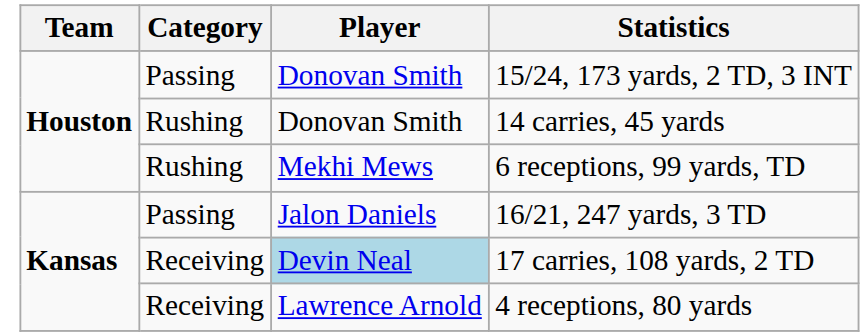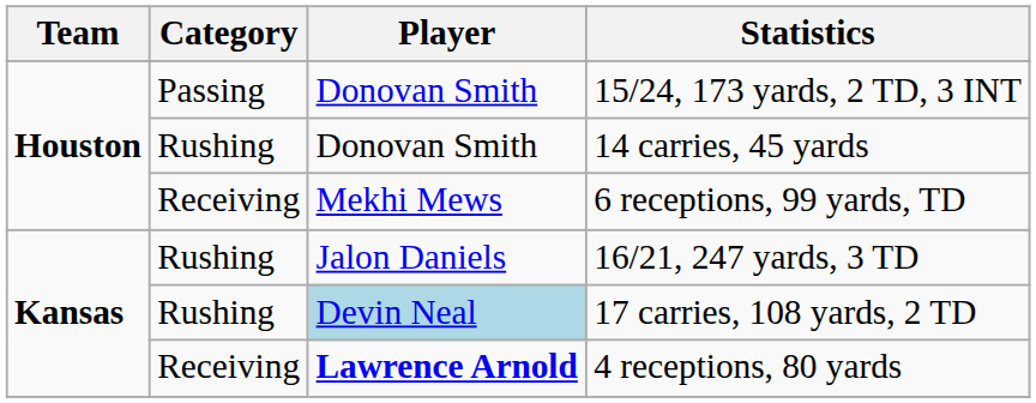 <table class="wikitable" style="float: right;">
 <tr>
 <th>Team</th>
 <th>Category</th>
 <th>Player</th>
 <th>Statistics</th>
 </tr>
 <tr>
 <td rowspan=3><strong>Houston</strong></td>
 <td>Passing</td>
 <td><a href='#'>Donovan Smith</a></td>
 <td>15/24, 173 yards, 2 TD, 3 INT</td>
 </tr>
 <tr>
 <td>Rushing</td>
 <td>Donovan Smith</td>
 <td>14 carries, 45 yards</td>
 </tr>
 <tr>
-<td>Rushing</td>
+<td>Receiving</td>
 <td><a href='#'>Mekhi Mews</a></td>
 <td>6 receptions, 99 yards, TD</td>
 </tr>
 <tr>
 <td rowspan=3><strong>Kansas</strong></td>
-<td>Passing</td>
+<td>Rushing</td>
 <td><a href='#'>Jalon Daniels</a></td>
 <td>16/21, 247 yards, 3 TD</td>
 </tr>
 <tr>
-<td>Receiving</td>
+<td>Rushing</td>
 <td style="background: lightblue;"><a href='#'>Devin Neal</a></td>
 <td>17 carries, 108 yards, 2 TD</td>
 </tr>
 <tr>
 <td>Receiving</td>
-<td><a href='#'>Lawrence Arnold</a></td>
+<td><strong><a href='#'>Lawrence Arnold</a></strong></td>
 <td>4 receptions, 80 yards</td>
 </tr>
 </table>
